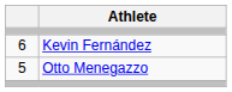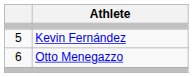 <table class="wikitable">
 <tr>
 <th width="30"></th>
 <th width="200">Athlete</th>
 </tr>
 <tr bgcolor="C0C0C0">
 <td colspan=2></td>
 </tr>
 <tr>
-<td align="center">6</td>
+<td align="center">5</td>
 <td> <a href='#'>Kevin Fernández</a></td>
 </tr>
 <tr>
-<td align="center">5</td>
+<td align="center">6</td>
 <td> <a href='#'>Otto Menegazzo</a></td>
 </tr>
 <tr bgcolor="C0C0C0">
 <td colspan=2></td>
 </tr>
 </table>
